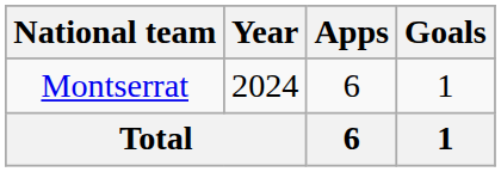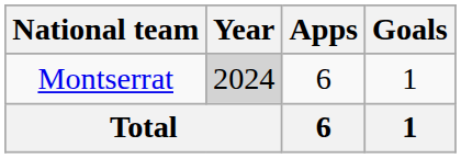 <table class="wikitable" style="text-align: center;">
 <tr>
 <th>National team</th>
 <th>Year</th>
 <th>Apps</th>
 <th>Goals</th>
 </tr>
 <tr>
 <td rowspan="1"><a href='#'>Montserrat</a></td>
-<td>2024</td>
+<td style="background: lightgrey;">2024</td>
 <td>6</td>
 <td>1</td>
 </tr>
 <tr>
 <th colspan=2>Total</th>
 <th>6</th>
 <th>1</th>
 </tr>
 </table>
